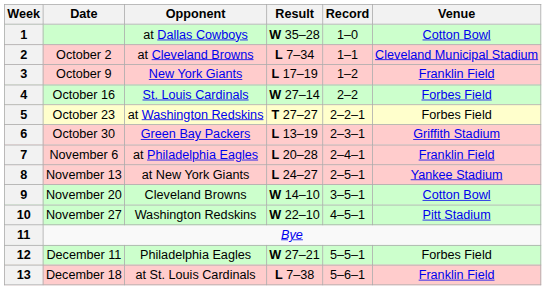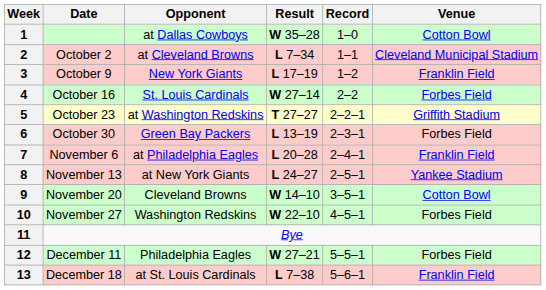 <table class="wikitable" style="text-align:center">
 <tr>
 <th>Week</th>
 <th>Date</th>
 <th>Opponent</th>
 <th>Result</th>
 <th>Record</th>
 <th>Venue</th>
 </tr>
 <tr style="background:#cfc">
 <th>1</th>
 <td></td>
 <td>at <a href='#'>Dallas Cowboys</a></td>
 <td><strong>W</strong> 35–28</td>
 <td>1–0</td>
 <td><a href='#'>Cotton Bowl</a></td>
 </tr>
 <tr style="background:#fcc">
 <th>2</th>
 <td>October 2</td>
 <td>at <a href='#'>Cleveland Browns</a></td>
 <td><strong>L</strong> 7–34</td>
 <td>1–1</td>
 <td><a href='#'>Cleveland Municipal Stadium</a></td>
 </tr>
 <tr style="background:#fcc">
 <th>3</th>
 <td>October 9</td>
 <td><a href='#'>New York Giants</a></td>
 <td><strong>L</strong> 17–19</td>
 <td>1–2</td>
 <td><a href='#'>Franklin Field</a></td>
 </tr>
 <tr style="background:#cfc">
 <th>4</th>
 <td>October 16</td>
 <td><a href='#'>St. Louis Cardinals</a></td>
 <td><strong>W</strong> 27–14</td>
 <td>2–2</td>
 <td><a href='#'>Forbes Field</a></td>
 </tr>
 <tr style="background:#ffc">
 <th>5</th>
 <td>October 23</td>
 <td>at <a href='#'>Washington Redskins</a></td>
 <td><strong>T</strong> 27–27</td>
 <td>2–2–1</td>
-<td>Forbes Field</td>
+<td><a href='#'>Griffith Stadium</a></td>
 </tr>
 <tr style="background:#fcc">
 <th>6</th>
 <td>October 30</td>
 <td><a href='#'>Green Bay Packers</a></td>
 <td><strong>L</strong> 13–19</td>
 <td>2–3–1</td>
-<td><a href='#'>Griffith Stadium</a></td>
+<td>Forbes Field</td>
 </tr>
 <tr style="background:#fcc">
 <th>7</th>
 <td>November 6</td>
 <td>at <a href='#'>Philadelphia Eagles</a></td>
 <td><strong>L</strong> 20–28</td>
 <td>2–4–1</td>
 <td><a href='#'>Franklin Field</a></td>
 </tr>
 <tr style="background:#fcc">
 <th>8</th>
 <td>November 13</td>
 <td>at New York Giants</td>
 <td><strong>L</strong> 24–27</td>
 <td>2–5–1</td>
 <td><a href='#'>Yankee Stadium</a></td>
 </tr>
 <tr style="background:#cfc">
 <th>9</th>
 <td>November 20</td>
 <td>Cleveland Browns</td>
 <td><strong>W</strong> 14–10</td>
 <td>3–5–1</td>
 <td><a href='#'>Cotton Bowl</a></td>
 </tr>
 <tr style="background:#cfc">
 <th>10</th>
 <td>November 27</td>
 <td>Washington Redskins</td>
 <td><strong>W</strong> 22–10</td>
 <td>4–5–1</td>
-<td><a href='#'>Pitt Stadium</a></td>
+<td>Forbes Field</td>
 </tr>
 <tr>
 <th>11</th>
 <td colspan=6><em><a href='#'>Bye</a></em></td>
 </tr>
 <tr style="background:#cfc">
 <th>12</th>
 <td>December 11</td>
 <td>Philadelphia Eagles</td>
 <td><strong>W</strong> 27–21</td>
 <td>5–5–1</td>
 <td>Forbes Field</td>
 </tr>
 <tr style="background:#fcc">
 <th>13</th>
 <td>December 18</td>
 <td>at St. Louis Cardinals</td>
 <td><strong>L</strong> 7–38</td>
 <td>5–6–1</td>
 <td><a href='#'>Franklin Field</a></td>
 </tr>
 </table>
